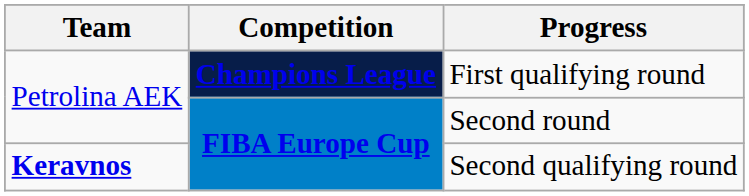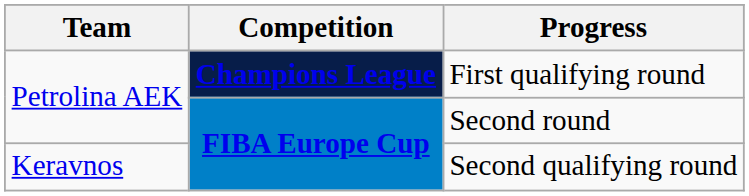 <table class="wikitable sortable">
 <tr>
 <th>Team</th>
 <th>Competition</th>
 <th>Progress</th>
 </tr>
 <tr>
 <td rowspan=2><a href='#'>Petrolina AEK</a></td>
 <td style="background-color:#071D49;color:#D0D3D4;text-align:center"><strong><a href='#'><span>Champions League</span></a></strong></td>
 <td>First qualifying round</td>
 </tr>
 <tr>
 <td rowspan=2 style="background-color:#0080C8;color:white;text-align:center"><strong><a href='#'><span>FIBA Europe Cup</span></a></strong></td>
 <td>Second round</td>
 </tr>
 <tr>
-<td><strong><a href='#'>Keravnos</a></strong></td>
+<td><a href='#'>Keravnos</a></td>
 <td>Second qualifying round</td>
 </tr>
 </table>
